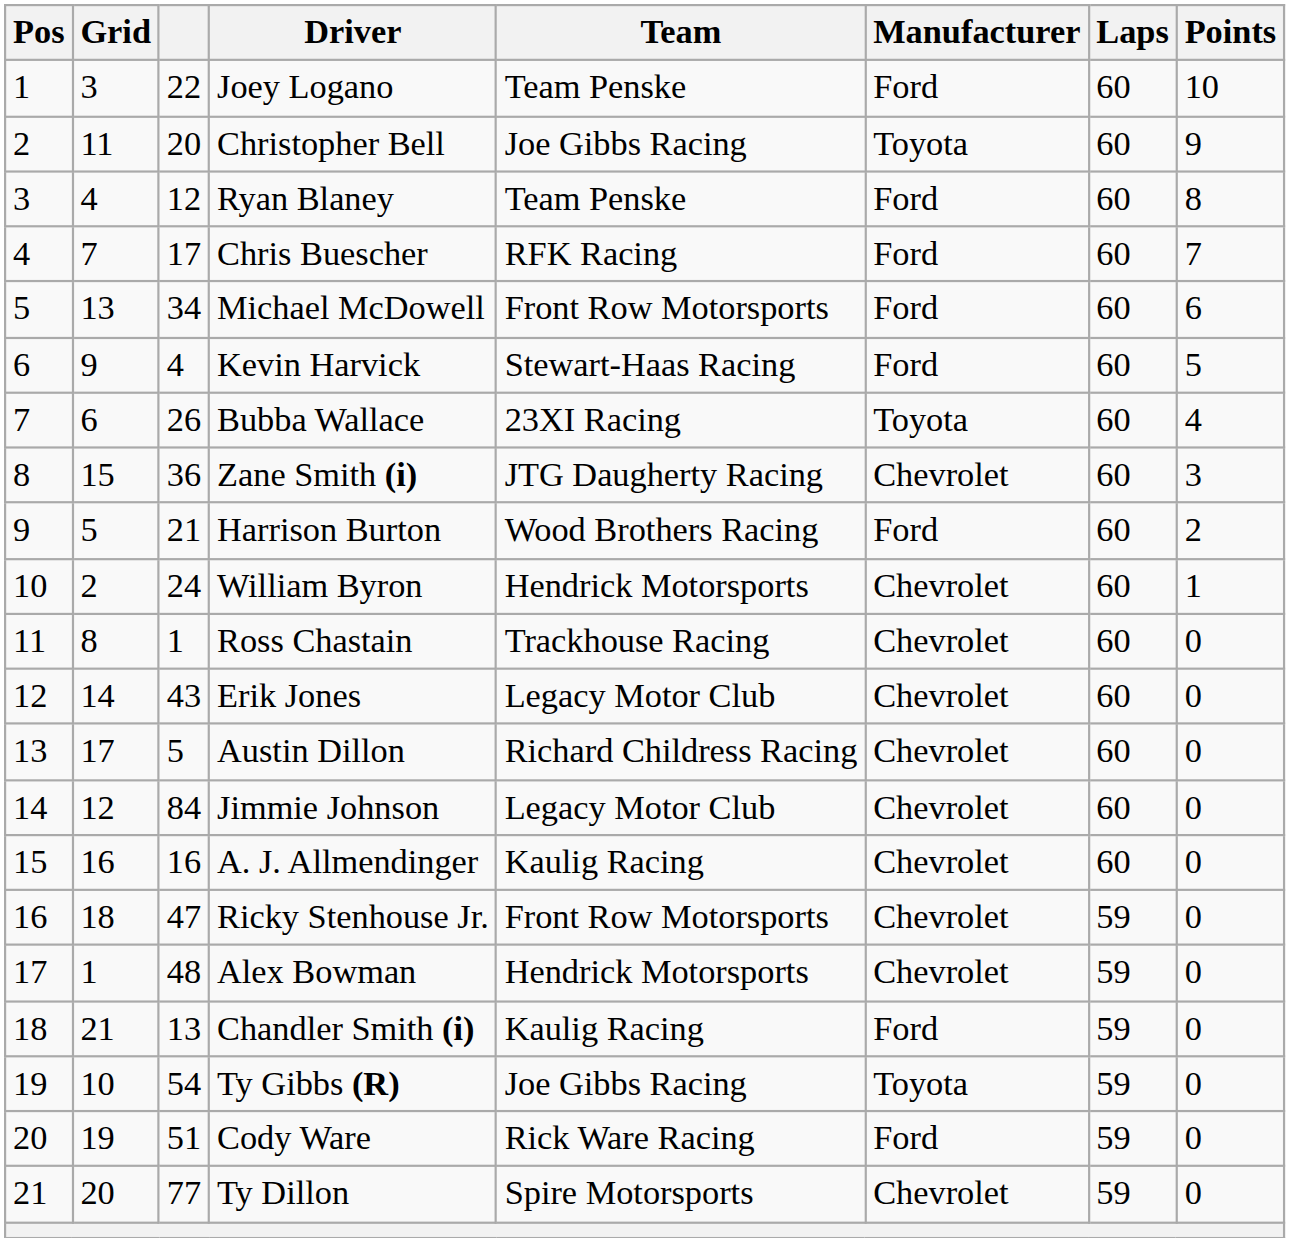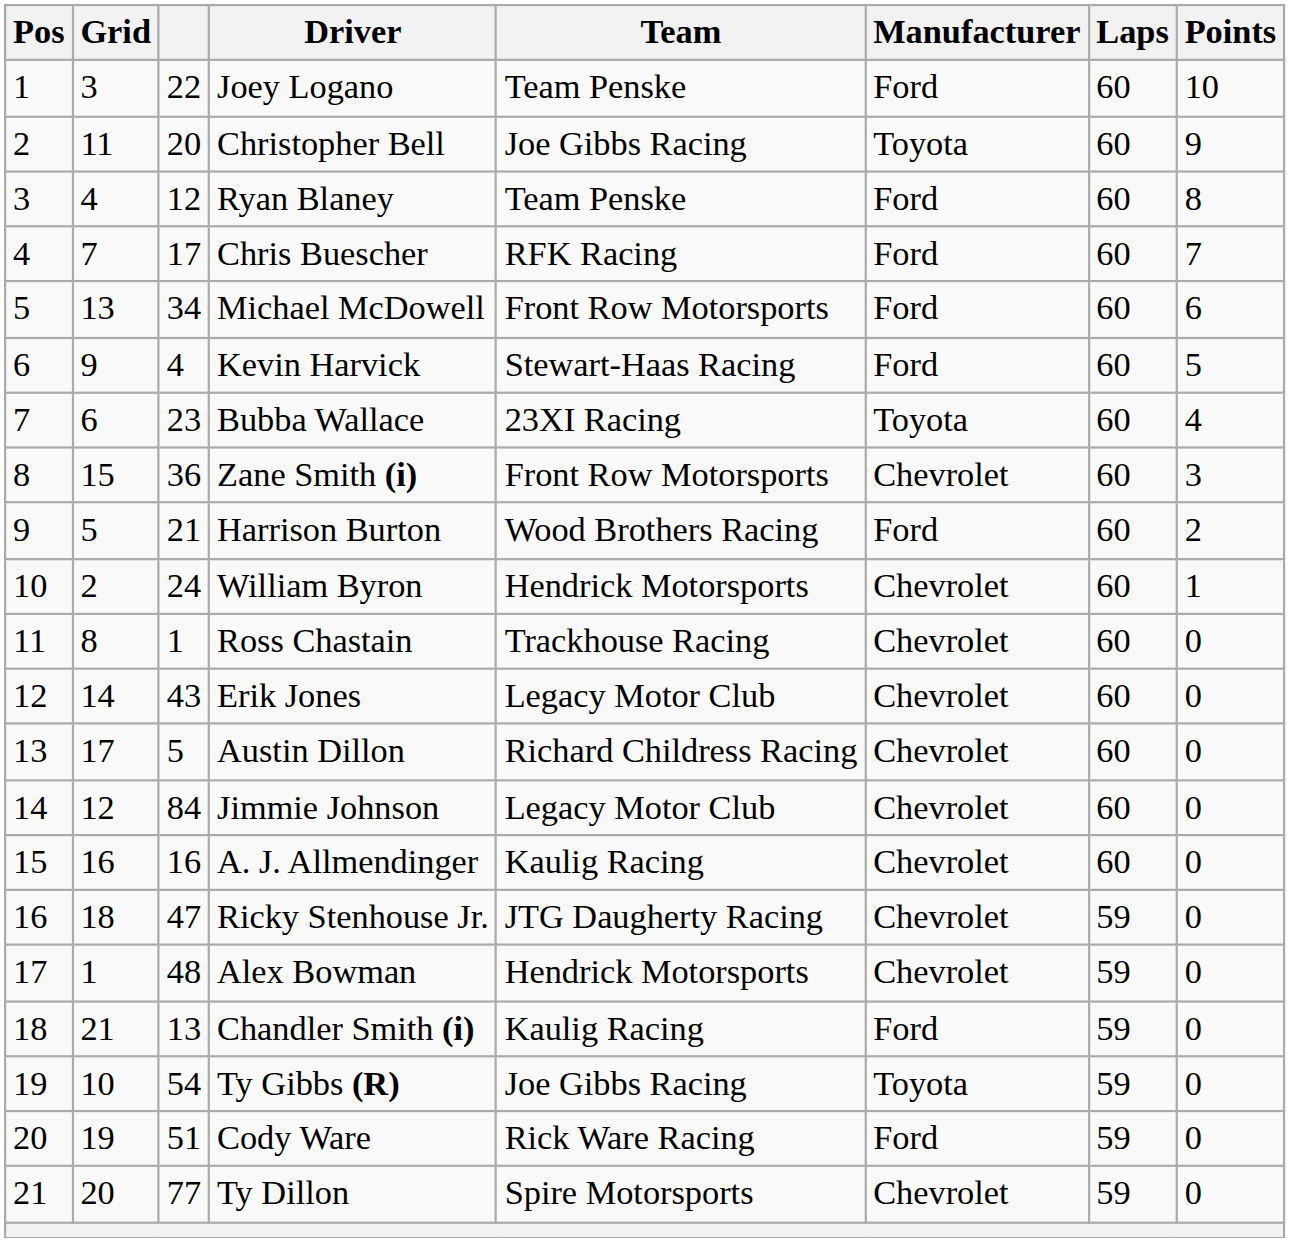 <table class="wikitable" style="font-size:98%">
 <tr>
 <th>Pos</th>
 <th>Grid</th>
 <th></th>
 <th>Driver</th>
 <th>Team</th>
 <th>Manufacturer</th>
 <th>Laps</th>
 <th>Points</th>
 </tr>
 <tr>
 <td>1</td>
 <td>3</td>
 <td>22</td>
 <td>Joey Logano</td>
 <td>Team Penske</td>
 <td>Ford</td>
 <td>60</td>
 <td>10</td>
 </tr>
 <tr>
 <td>2</td>
 <td>11</td>
 <td>20</td>
 <td>Christopher Bell</td>
 <td>Joe Gibbs Racing</td>
 <td>Toyota</td>
 <td>60</td>
 <td>9</td>
 </tr>
 <tr>
 <td>3</td>
 <td>4</td>
 <td>12</td>
 <td>Ryan Blaney</td>
 <td>Team Penske</td>
 <td>Ford</td>
 <td>60</td>
 <td>8</td>
 </tr>
 <tr>
 <td>4</td>
 <td>7</td>
 <td>17</td>
 <td>Chris Buescher</td>
 <td>RFK Racing</td>
 <td>Ford</td>
 <td>60</td>
 <td>7</td>
 </tr>
 <tr>
 <td>5</td>
 <td>13</td>
 <td>34</td>
 <td>Michael McDowell</td>
 <td>Front Row Motorsports</td>
 <td>Ford</td>
 <td>60</td>
 <td>6</td>
 </tr>
 <tr>
 <td>6</td>
 <td>9</td>
 <td>4</td>
 <td>Kevin Harvick</td>
 <td>Stewart-Haas Racing</td>
 <td>Ford</td>
 <td>60</td>
 <td>5</td>
 </tr>
 <tr>
 <td>7</td>
 <td>6</td>
-<td>26</td>
+<td>23</td>
 <td>Bubba Wallace</td>
 <td>23XI Racing</td>
 <td>Toyota</td>
 <td>60</td>
 <td>4</td>
 </tr>
 <tr>
 <td>8</td>
 <td>15</td>
 <td>36</td>
 <td>Zane Smith <strong>(i)</strong></td>
-<td>JTG Daugherty Racing</td>
+<td>Front Row Motorsports</td>
 <td>Chevrolet</td>
 <td>60</td>
 <td>3</td>
 </tr>
 <tr>
 <td>9</td>
 <td>5</td>
 <td>21</td>
 <td>Harrison Burton</td>
 <td>Wood Brothers Racing</td>
 <td>Ford</td>
 <td>60</td>
 <td>2</td>
 </tr>
 <tr>
 <td>10</td>
 <td>2</td>
 <td>24</td>
 <td>William Byron</td>
 <td>Hendrick Motorsports</td>
 <td>Chevrolet</td>
 <td>60</td>
 <td>1</td>
 </tr>
 <tr>
 <td>11</td>
 <td>8</td>
 <td>1</td>
 <td>Ross Chastain</td>
 <td>Trackhouse Racing</td>
 <td>Chevrolet</td>
 <td>60</td>
 <td>0</td>
 </tr>
 <tr>
 <td>12</td>
 <td>14</td>
 <td>43</td>
 <td>Erik Jones</td>
 <td>Legacy Motor Club</td>
 <td>Chevrolet</td>
 <td>60</td>
 <td>0</td>
 </tr>
 <tr>
 <td>13</td>
 <td>17</td>
 <td>5</td>
 <td>Austin Dillon</td>
 <td>Richard Childress Racing</td>
 <td>Chevrolet</td>
 <td>60</td>
 <td>0</td>
 </tr>
 <tr>
 <td>14</td>
 <td>12</td>
 <td>84</td>
 <td>Jimmie Johnson</td>
 <td>Legacy Motor Club</td>
 <td>Chevrolet</td>
 <td>60</td>
 <td>0</td>
 </tr>
 <tr>
 <td>15</td>
 <td>16</td>
 <td>16</td>
 <td>A. J. Allmendinger</td>
 <td>Kaulig Racing</td>
 <td>Chevrolet</td>
 <td>60</td>
 <td>0</td>
 </tr>
 <tr>
 <td>16</td>
 <td>18</td>
 <td>47</td>
 <td>Ricky Stenhouse Jr.</td>
-<td>Front Row Motorsports</td>
+<td>JTG Daugherty Racing</td>
 <td>Chevrolet</td>
 <td>59</td>
 <td>0</td>
 </tr>
 <tr>
 <td>17</td>
 <td>1</td>
 <td>48</td>
 <td>Alex Bowman</td>
 <td>Hendrick Motorsports</td>
 <td>Chevrolet</td>
 <td>59</td>
 <td>0</td>
 </tr>
 <tr>
 <td>18</td>
 <td>21</td>
 <td>13</td>
 <td>Chandler Smith <strong>(i)</strong></td>
 <td>Kaulig Racing</td>
 <td>Ford</td>
 <td>59</td>
 <td>0</td>
 </tr>
 <tr>
 <td>19</td>
 <td>10</td>
 <td>54</td>
 <td>Ty Gibbs <strong>(R)</strong></td>
 <td>Joe Gibbs Racing</td>
 <td>Toyota</td>
 <td>59</td>
 <td>0</td>
 </tr>
 <tr>
 <td>20</td>
 <td>19</td>
 <td>51</td>
 <td>Cody Ware</td>
 <td>Rick Ware Racing</td>
 <td>Ford</td>
 <td>59</td>
 <td>0</td>
 </tr>
 <tr>
 <td>21</td>
 <td>20</td>
 <td>77</td>
 <td>Ty Dillon</td>
 <td>Spire Motorsports</td>
 <td>Chevrolet</td>
 <td>59</td>
 <td>0</td>
 </tr>
 <tr>
 <th colspan="8"></th>
 </tr>
 </table>
